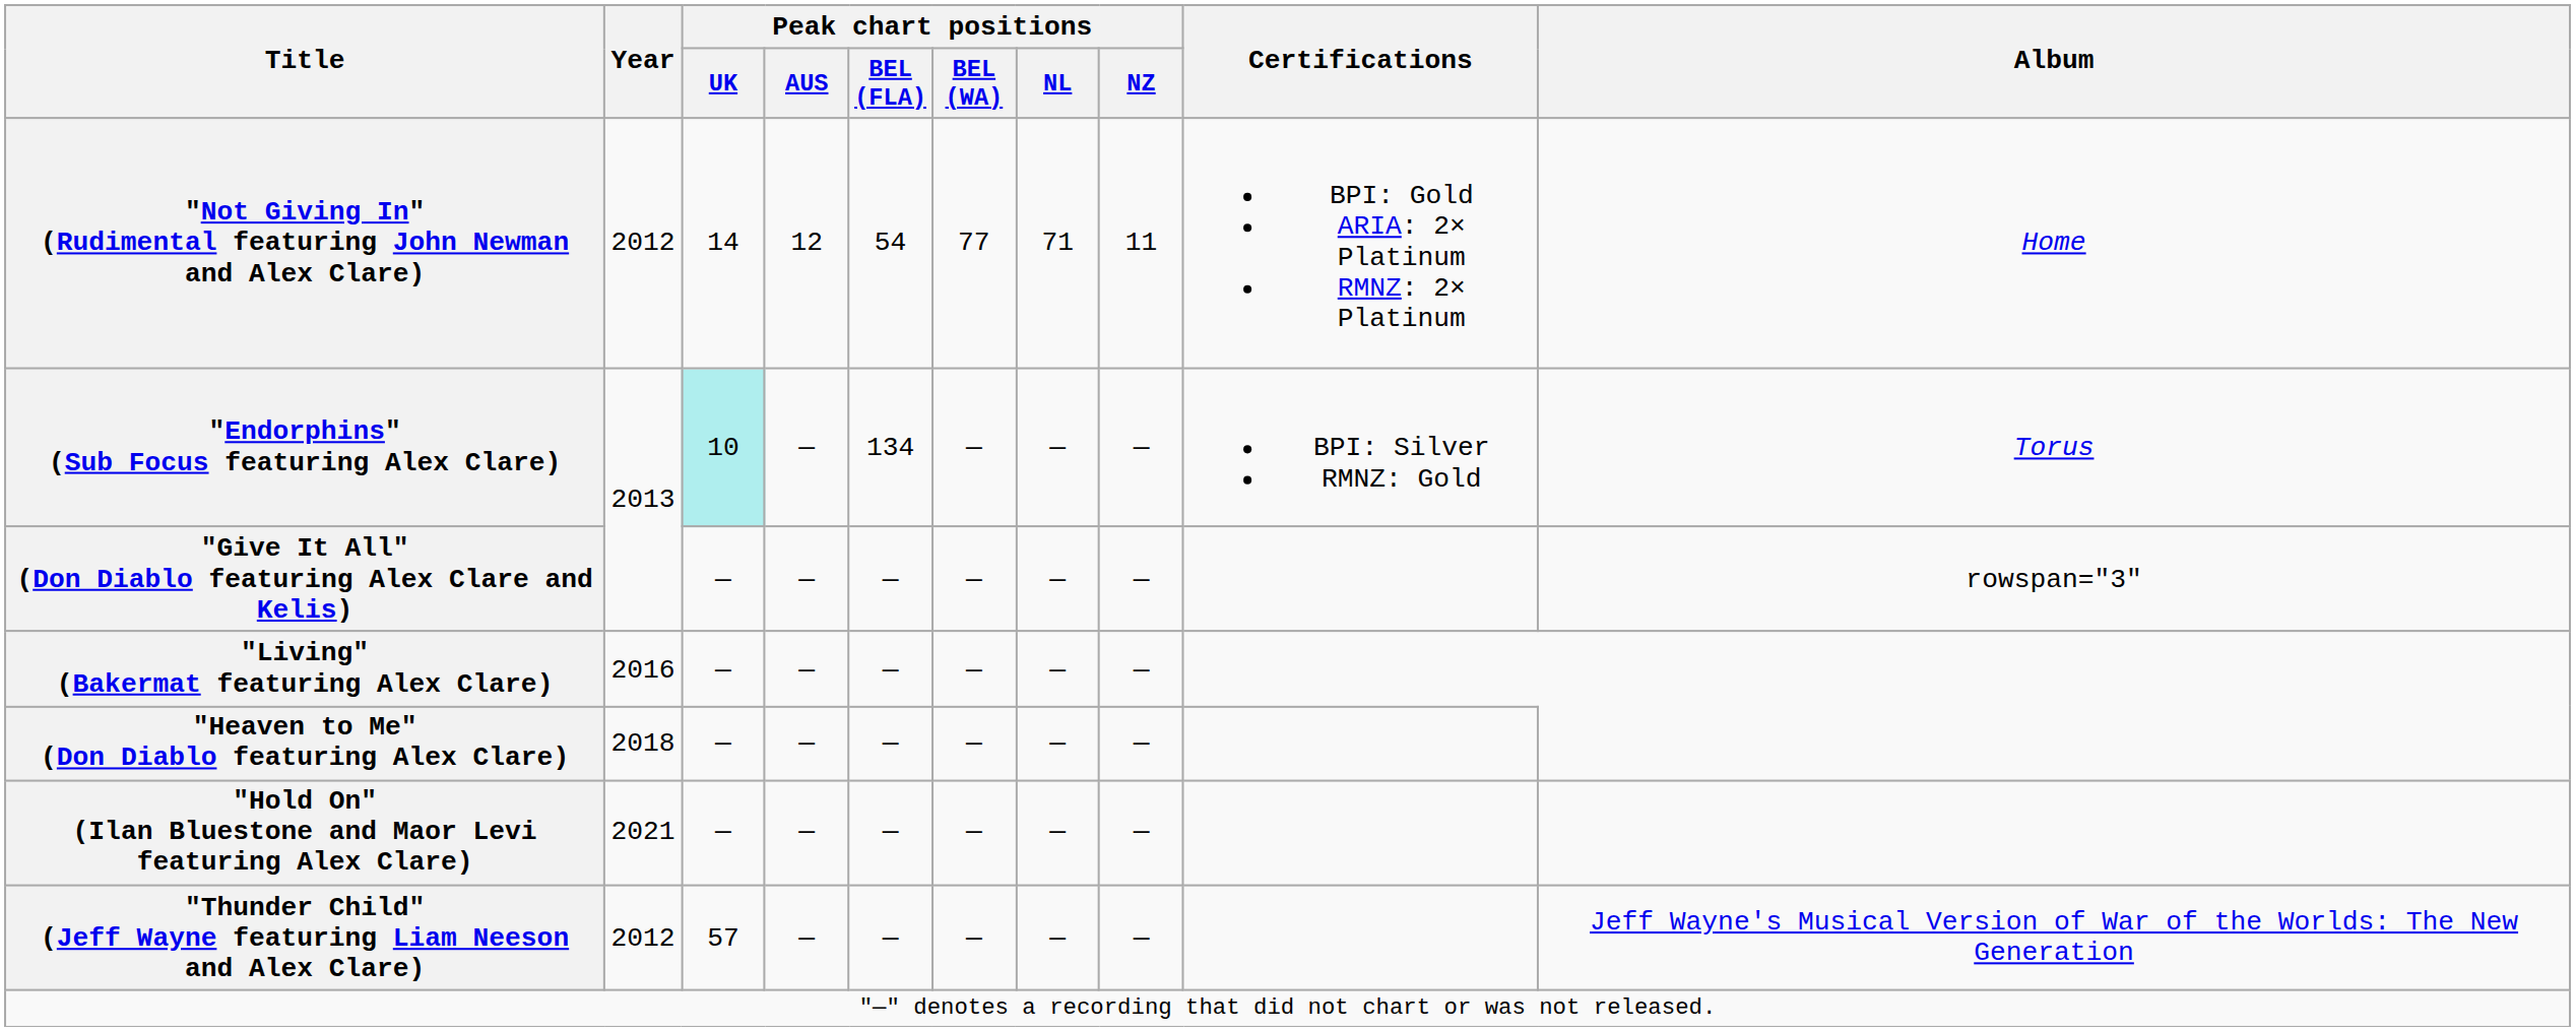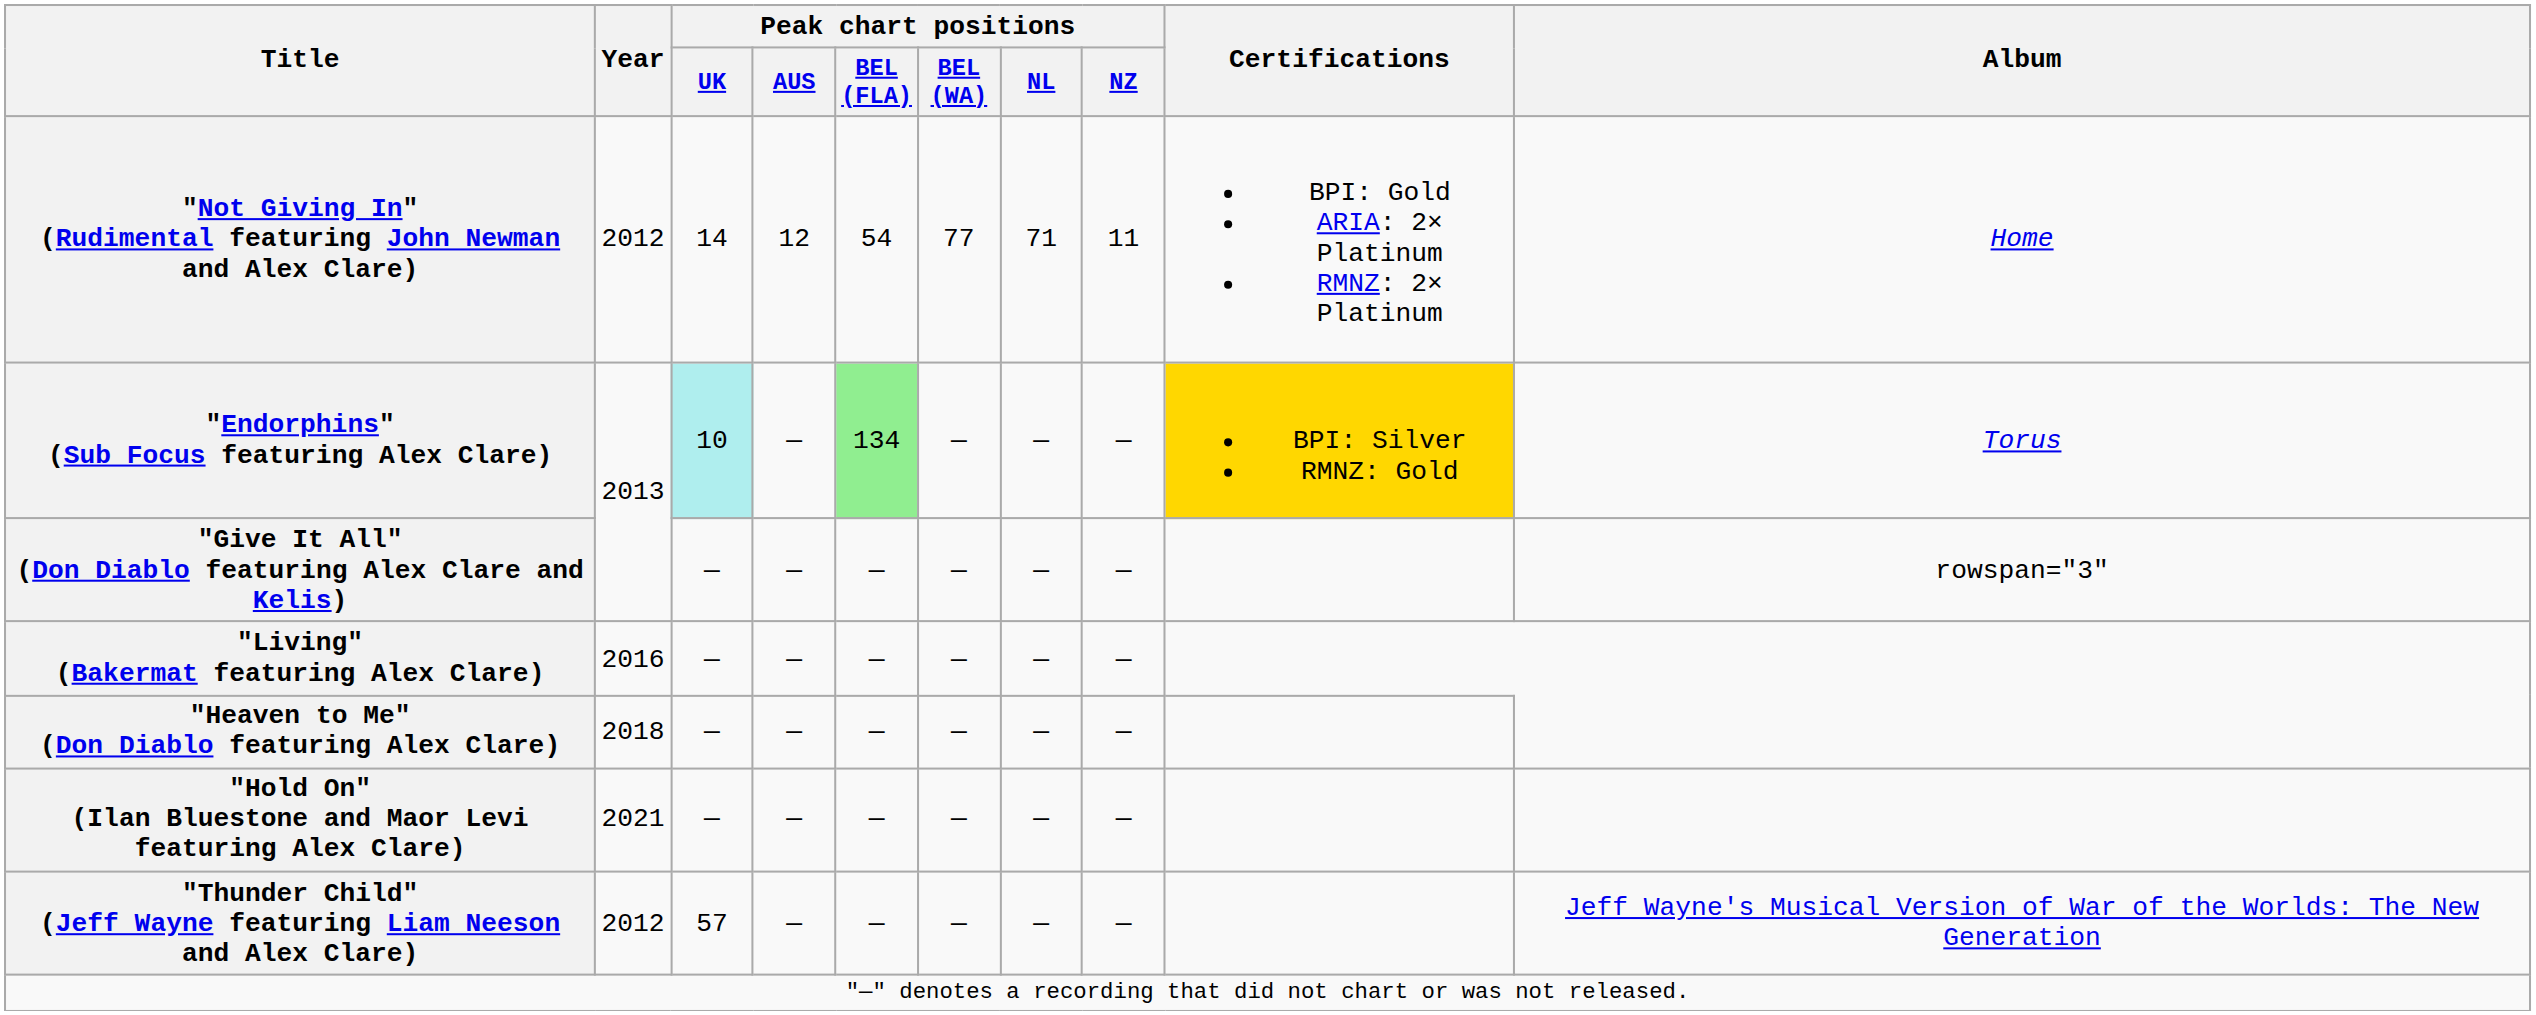 <table class="wikitable plainrowheaders" style="text-align:center;">
 <tr>
 <th scope="col" rowspan="2" style="width:22em;">Title</th>
 <th scope="col" rowspan="2">Year</th>
 <th scope="col" colspan="6">Peak chart positions</th>
 <th scope="col" rowspan="2">Certifications</th>
 <th scope="col" rowspan="2">Album</th>
 </tr>
 <tr>
 <th scope="col" style="width:3em;font-size:90%;"><a href='#'>UK</a><br></th>
 <th scope="col" style="width:3em;font-size:90%;"><a href='#'>AUS</a><br></th>
 <th scope="col" style="width:3em;font-size:90%;"><a href='#'>BEL<br>(FLA)</a><br></th>
 <th scope="col" style="width:3em;font-size:90%;"><a href='#'>BEL<br>(WA)</a><br></th>
 <th scope="col" style="width:3em;font-size:90%;"><a href='#'>NL</a><br></th>
 <th scope="col" style="width:3em;font-size:90%;"><a href='#'>NZ</a><br></th>
 </tr>
 <tr>
 <th scope="row">"<a href='#'>Not Giving In</a>"<br><span>(<a href='#'>Rudimental</a> featuring <a href='#'>John Newman</a> and Alex Clare)</span></th>
 <td>2012</td>
 <td>14</td>
 <td>12</td>
 <td>54</td>
 <td>77</td>
 <td>71</td>
 <td>11</td>
 <td><br><ul><li>BPI: Gold</li><li><a href='#'>ARIA</a>: 2× Platinum</li><li><a href='#'>RMNZ</a>: 2× Platinum</li></ul></td>
 <td><em><a href='#'>Home</a></em></td>
 </tr>
 <tr>
 <th scope="row">"<a href='#'>Endorphins</a>"<br><span>(<a href='#'>Sub Focus</a> featuring Alex Clare)</span></th>
 <td rowspan="2">2013</td>
 <td style="background: paleturquoise;">10</td>
 <td>—</td>
-<td>134</td>
+<td style="background: lightgreen;">134</td>
 <td>—</td>
 <td>—</td>
 <td>—</td>
-<td><br><ul><li>BPI: Silver</li><li>RMNZ: Gold</li></ul></td>
+<td style="background: gold;"><br><ul><li>BPI: Silver</li><li>RMNZ: Gold</li></ul></td>
 <td><em><a href='#'>Torus</a></em></td>
 </tr>
 <tr>
 <th scope="row">"Give It All"<br><span>(<a href='#'>Don Diablo</a> featuring Alex Clare and <a href='#'>Kelis</a>)</span></th>
 <td>—</td>
 <td>—</td>
 <td>—</td>
 <td>—</td>
 <td>—</td>
 <td>—</td>
 <td></td>
 <td>rowspan="3" </td>
 </tr>
 <tr>
 <th scope="row">"Living"<br><span>(<a href='#'>Bakermat</a> featuring Alex Clare)</span></th>
 <td>2016</td>
 <td>—</td>
 <td>—</td>
 <td>—</td>
 <td>—</td>
 <td>—</td>
 <td>—</td>
 </tr>
 <tr>
 <th scope="row">"Heaven to Me"<br><span>(<a href='#'>Don Diablo</a> featuring Alex Clare)</span></th>
 <td>2018</td>
 <td>—</td>
 <td>—</td>
 <td>—</td>
 <td>—</td>
 <td>—</td>
 <td>—</td>
 <td></td>
 </tr>
 <tr>
 <th scope="row">"Hold On" <br><span>(Ilan Bluestone and Maor Levi featuring Alex Clare)</span></th>
 <td>2021</td>
 <td>—</td>
 <td>—</td>
 <td>—</td>
 <td>—</td>
 <td>—</td>
 <td>—</td>
 <td></td>
 <td></td>
 </tr>
 <tr>
 <th scope="row">"Thunder Child"<br><span>(<a href='#'>Jeff Wayne</a> featuring <a href='#'>Liam Neeson</a> and Alex Clare)</span></th>
 <td>2012</td>
 <td>57</td>
 <td>—</td>
 <td>—</td>
 <td>—</td>
 <td>—</td>
 <td>—</td>
 <td></td>
 <td><a href='#'>Jeff Wayne's Musical Version of War of the Worlds: The New Generation</a></td>
 </tr>
 <tr>
 <td colspan="10" style="font-size:85%">"—" denotes a recording that did not chart or was not released.</td>
 </tr>
 </table>
